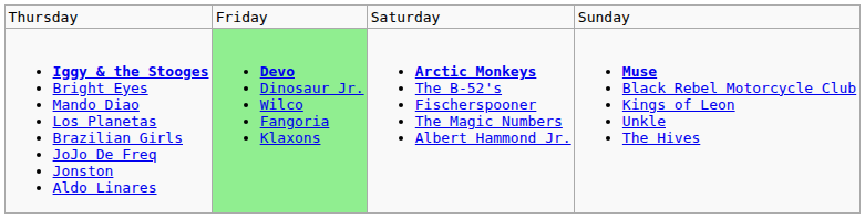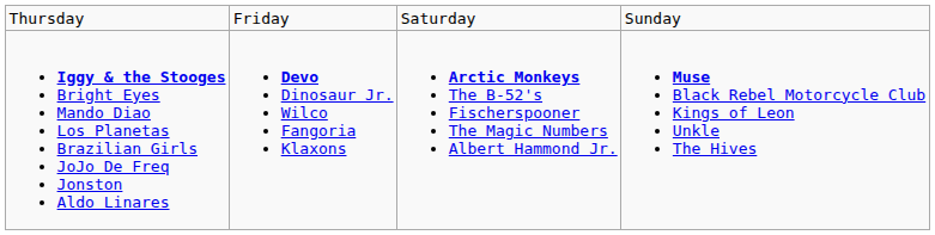 <table class="wikitable">
 <tr>
 <td>Thursday</td>
 <td>Friday</td>
 <td>Saturday</td>
 <td>Sunday</td>
 </tr>
 <tr valign="top">
 <td><br><ul><li><strong><a href='#'>Iggy & the Stooges</a></strong></li><li><a href='#'>Bright Eyes</a></li><li><a href='#'>Mando Diao</a></li><li><a href='#'>Los Planetas</a></li><li><a href='#'>Brazilian Girls</a></li><li><a href='#'>JoJo De Freq</a></li><li><a href='#'>Jonston</a></li><li><a href='#'>Aldo Linares</a></li></ul></td>
-<td style="background: lightgreen;"><br><ul><li><strong><a href='#'>Devo</a></strong></li><li><a href='#'>Dinosaur Jr.</a></li><li><a href='#'>Wilco</a></li><li><a href='#'>Fangoria</a></li><li><a href='#'>Klaxons</a></li></ul></td>
+<td><br><ul><li><strong><a href='#'>Devo</a></strong></li><li><a href='#'>Dinosaur Jr.</a></li><li><a href='#'>Wilco</a></li><li><a href='#'>Fangoria</a></li><li><a href='#'>Klaxons</a></li></ul></td>
 <td><br><ul><li><strong><a href='#'>Arctic Monkeys</a></strong></li><li><a href='#'>The B-52's</a></li><li><a href='#'>Fischerspooner</a></li><li><a href='#'>The Magic Numbers</a></li><li><a href='#'>Albert Hammond Jr.</a></li></ul></td>
 <td><br><ul><li><strong><a href='#'>Muse</a></strong></li><li><a href='#'>Black Rebel Motorcycle Club</a></li><li><a href='#'>Kings of Leon</a></li><li><a href='#'>Unkle</a></li><li><a href='#'>The Hives</a></li></ul></td>
 </tr>
 </table>
